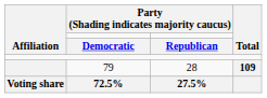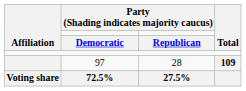 <table class=wikitable style="text-align:center">
 <tr style="vertical-align:bottom;">
 <th rowspan=3>Affiliation</th>
 <th colspan=2>Party <div>(Shading indicates majority caucus)</div></th>
 <th rowspan=3>Total</th>
 </tr>
 <tr style="height:5px">
 <td style="background-color:"></td>
 <td style="background-color:"></td>
 </tr>
 <tr>
 <th><a href='#'>Democratic</a></th>
 <th><a href='#'>Republican</a></th>
 </tr>
 <tr>
 <td colspan=5></td>
 </tr>
 <tr>
 <th nowrap style="font-size:80%"></th>
-<td>79</td>
+<td>97</td>
 <td>28</td>
 <th>109</th>
 </tr>
 <tr>
 <th>Voting share</th>
 <th>72.5%</th>
 <th>27.5%</th>
 <th colspan=2></th>
 </tr>
 </table>
